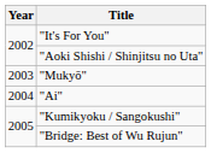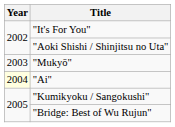 <table class="wikitable">
 <tr>
 <th>Year</th>
 <th>Title</th>
 </tr>
 <tr>
 <td rowspan="2">2002</td>
 <td>"It's For You"</td>
 </tr>
 <tr>
 <td>"Aoki Shishi / Shinjitsu no Uta"</td>
 </tr>
 <tr>
 <td>2003</td>
 <td>"Mukyō"</td>
 </tr>
 <tr>
-<td>2004</td>
+<td style="background: lightyellow;">2004</td>
 <td>"Ai"</td>
 </tr>
 <tr>
 <td rowspan="2">2005</td>
 <td>"Kumikyoku / Sangokushi"</td>
 </tr>
 <tr>
 <td>"Bridge: Best of Wu Rujun"</td>
 </tr>
 </table>
